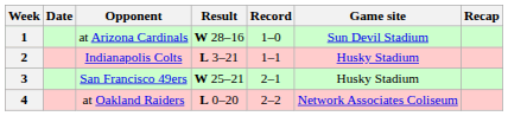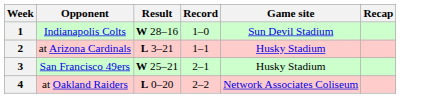 <table class="wikitable" style="text-align:center">
 <tr>
 <th>Week</th>
-<th>Date</th>
 <th>Opponent</th>
 <th>Result</th>
 <th>Record</th>
 <th>Game site</th>
 <th>Recap</th>
 </tr>
 <tr style="background:#cfc">
 <th>1</th>
-<td></td>
-<td>at <a href='#'>Arizona Cardinals</a></td>
+<td><a href='#'>Indianapolis Colts</a></td>
 <td><strong>W</strong> 28–16</td>
 <td>1–0</td>
 <td><a href='#'>Sun Devil Stadium</a></td>
 <td></td>
 </tr>
 <tr style="background:#fcc">
 <th>2</th>
-<td></td>
-<td><a href='#'>Indianapolis Colts</a></td>
+<td>at <a href='#'>Arizona Cardinals</a></td>
 <td><strong>L</strong> 3–21</td>
 <td>1–1</td>
 <td><a href='#'>Husky Stadium</a></td>
 <td></td>
 </tr>
 <tr style="background:#cfc">
 <th>3</th>
-<td></td>
 <td><a href='#'>San Francisco 49ers</a></td>
 <td><strong>W</strong> 25–21</td>
 <td>2–1</td>
 <td>Husky Stadium</td>
 <td></td>
 </tr>
 <tr style="background:#fcc">
 <th>4</th>
-<td></td>
 <td>at <a href='#'>Oakland Raiders</a></td>
 <td><strong>L</strong> 0–20</td>
 <td>2–2</td>
 <td><a href='#'>Network Associates Coliseum</a></td>
 <td></td>
 </tr>
 </table>
